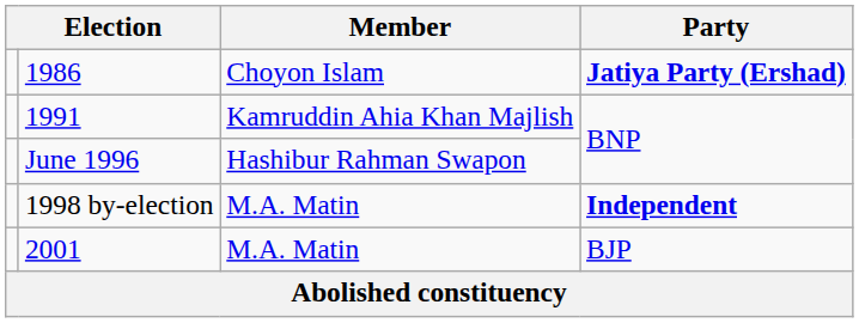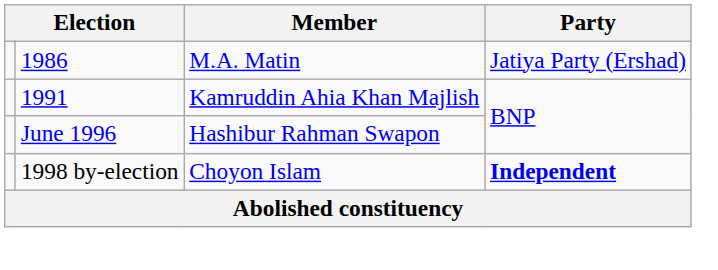 <table class="wikitable">
 <tr>
 <th colspan="2">Election</th>
 <th>Member</th>
 <th>Party</th>
 </tr>
 <tr>
 <td style="background-color:"></td>
 <td><a href='#'>1986</a></td>
-<td><a href='#'>Choyon Islam</a></td>
-<td><strong><a href='#'>Jatiya Party (Ershad)</a></strong></td>
+<td><a href='#'>M.A. Matin</a></td>
+<td><a href='#'>Jatiya Party (Ershad)</a></td>
 </tr>
 <tr>
 <td style="background-color:"></td>
 <td><a href='#'>1991</a></td>
 <td><a href='#'>Kamruddin Ahia Khan Majlish</a></td>
 <td rowspan="2"><a href='#'>BNP</a></td>
 </tr>
 <tr>
 <td style="background-color:"></td>
 <td><a href='#'>June 1996</a></td>
 <td><a href='#'>Hashibur Rahman Swapon</a></td>
 </tr>
 <tr>
 <td style="background-color:"></td>
 <td>1998 by-election</td>
-<td><a href='#'>M.A. Matin</a></td>
+<td><a href='#'>Choyon Islam</a></td>
 <td><strong><a href='#'>Independent</a></strong></td>
-</tr>
-<tr>
-<td style="background-color:"></td>
-<td><a href='#'>2001</a></td>
-<td><a href='#'>M.A. Matin</a></td>
-<td><a href='#'>BJP</a></td>
 </tr>
 <tr>
 <th colspan="4">Abolished constituency</th>
 </tr>
 </table>
